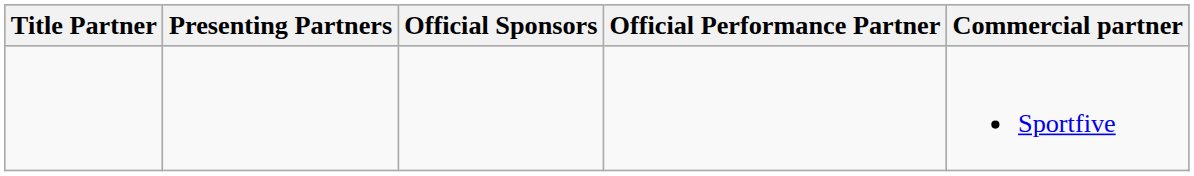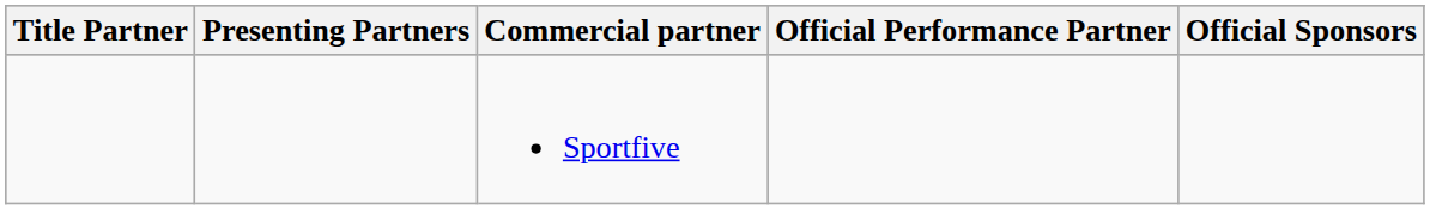 <table class="wikitable">
 <tr>
 <th>Title Partner</th>
 <th>Presenting Partners</th>
+<th>Commercial partner</th>
+<th>Official Performance Partner</th>
 <th>Official Sponsors</th>
-<th>Official Performance Partner</th>
-<th>Commercial partner</th>
 </tr>
 <tr>
 <td></td>
 <td></td>
+<td><br><ul><li><a href='#'>Sportfive</a></li></ul></td>
 <td></td>
 <td></td>
-<td><br><ul><li><a href='#'>Sportfive</a></li></ul></td>
 </tr>
 </table>
